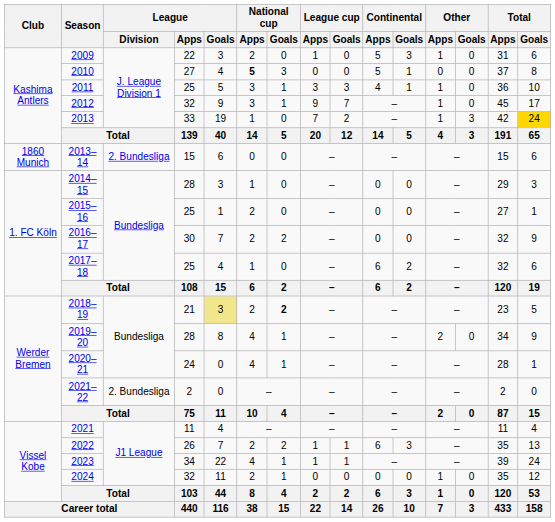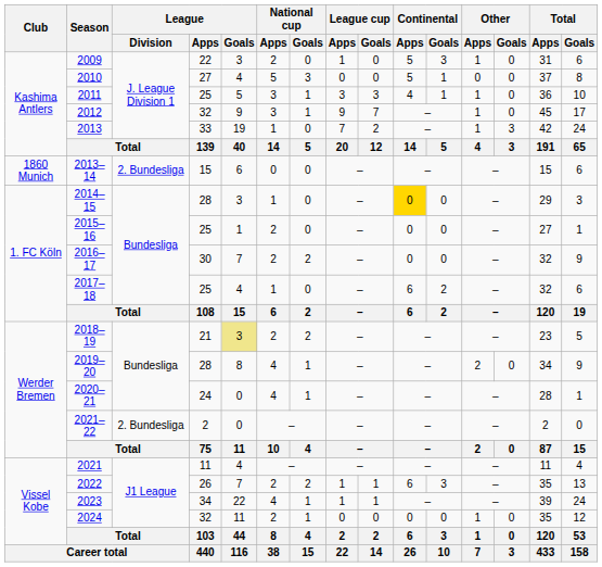 <table class="wikitable" style="text-align:center">
 <tr>
 <th rowspan="2">Club</th>
 <th rowspan="2">Season</th>
 <th colspan="3">League</th>
 <th colspan="2">National cup</th>
 <th colspan="2">League cup</th>
 <th colspan="2">Continental</th>
 <th colspan="2">Other</th>
 <th colspan="2">Total</th>
 </tr>
 <tr>
 <th>Division</th>
 <th>Apps</th>
 <th>Goals</th>
 <th>Apps</th>
 <th>Goals</th>
 <th>Apps</th>
 <th>Goals</th>
 <th>Apps</th>
 <th>Goals</th>
 <th>Apps</th>
 <th>Goals</th>
 <th>Apps</th>
 <th>Goals</th>
 </tr>
 <tr>
 <td rowspan="6"><a href='#'>Kashima Antlers</a></td>
 <td><a href='#'>2009</a></td>
 <td rowspan="5"><a href='#'>J. League Division 1</a></td>
 <td>22</td>
 <td>3</td>
 <td>2</td>
 <td>0</td>
 <td>1</td>
 <td>0</td>
 <td>5</td>
 <td>3</td>
 <td>1</td>
 <td>0</td>
 <td>31</td>
 <td>6</td>
 </tr>
 <tr>
 <td><a href='#'>2010</a></td>
 <td>27</td>
 <td>4</td>
-<td><strong>5</strong></td>
+<td>5</td>
 <td>3</td>
 <td>0</td>
 <td>0</td>
 <td>5</td>
 <td>1</td>
 <td>0</td>
 <td>0</td>
 <td>37</td>
 <td>8</td>
 </tr>
 <tr>
 <td><a href='#'>2011</a></td>
 <td>25</td>
 <td>5</td>
 <td>3</td>
 <td>1</td>
 <td>3</td>
 <td>3</td>
 <td>4</td>
 <td>1</td>
 <td>1</td>
 <td>0</td>
 <td>36</td>
 <td>10</td>
 </tr>
 <tr>
 <td><a href='#'>2012</a></td>
 <td>32</td>
 <td>9</td>
 <td>3</td>
 <td>1</td>
 <td>9</td>
 <td>7</td>
 <td colspan="2">–</td>
 <td>1</td>
 <td>0</td>
 <td>45</td>
 <td>17</td>
 </tr>
 <tr>
 <td><a href='#'>2013</a></td>
 <td>33</td>
 <td>19</td>
 <td>1</td>
 <td>0</td>
 <td>7</td>
 <td>2</td>
 <td colspan="2">–</td>
 <td>1</td>
 <td>3</td>
 <td>42</td>
-<td style="background: gold;">24</td>
+<td>24</td>
 </tr>
 <tr>
 <th colspan="2">Total</th>
 <th>139</th>
 <th>40</th>
 <th>14</th>
 <th>5</th>
 <th>20</th>
 <th>12</th>
 <th>14</th>
 <th>5</th>
 <th>4</th>
 <th>3</th>
 <th>191</th>
 <th>65</th>
 </tr>
 <tr>
 <td><a href='#'>1860 Munich</a></td>
 <td><a href='#'>2013–14</a></td>
 <td><a href='#'>2. Bundesliga</a></td>
 <td>15</td>
 <td>6</td>
 <td>0</td>
 <td>0</td>
 <td colspan="2">–</td>
 <td colspan="2">–</td>
 <td colspan="2">–</td>
 <td>15</td>
 <td>6</td>
 </tr>
 <tr>
 <td rowspan="5"><a href='#'>1. FC Köln</a></td>
 <td><a href='#'>2014–15</a></td>
 <td rowspan="4"><a href='#'>Bundesliga</a></td>
 <td>28</td>
 <td>3</td>
 <td>1</td>
 <td>0</td>
 <td colspan="2">–</td>
-<td>0</td>
+<td style="background: gold;">0</td>
 <td>0</td>
 <td colspan="2">–</td>
 <td>29</td>
 <td>3</td>
 </tr>
 <tr>
 <td><a href='#'>2015–16</a></td>
 <td>25</td>
 <td>1</td>
 <td>2</td>
 <td>0</td>
 <td colspan="2">–</td>
 <td>0</td>
 <td>0</td>
 <td colspan="2">–</td>
 <td>27</td>
 <td>1</td>
 </tr>
 <tr>
 <td><a href='#'>2016–17</a></td>
 <td>30</td>
 <td>7</td>
 <td>2</td>
 <td>2</td>
 <td colspan="2">–</td>
 <td>0</td>
 <td>0</td>
 <td colspan="2">–</td>
 <td>32</td>
 <td>9</td>
 </tr>
 <tr>
 <td><a href='#'>2017–18</a></td>
 <td>25</td>
 <td>4</td>
 <td>1</td>
 <td>0</td>
 <td colspan="2">–</td>
 <td>6</td>
 <td>2</td>
 <td colspan="2">–</td>
 <td>32</td>
 <td>6</td>
 </tr>
 <tr>
 <th colspan="2">Total</th>
 <th>108</th>
 <th>15</th>
 <th>6</th>
 <th>2</th>
 <th colspan="2">–</th>
 <th>6</th>
 <th>2</th>
 <th colspan="2">–</th>
 <th>120</th>
 <th>19</th>
 </tr>
 <tr>
 <td rowspan="5"><a href='#'>Werder Bremen</a></td>
 <td><a href='#'>2018–19</a></td>
 <td rowspan="3">Bundesliga</td>
 <td>21</td>
 <td style="background: khaki;">3</td>
 <td>2</td>
-<td><strong>2</strong></td>
+<td>2</td>
 <td colspan="2">–</td>
 <td colspan="2">–</td>
 <td colspan="2">–</td>
 <td>23</td>
 <td>5</td>
 </tr>
 <tr>
 <td><a href='#'>2019–20</a></td>
 <td>28</td>
 <td>8</td>
 <td>4</td>
 <td>1</td>
 <td colspan="2">–</td>
 <td colspan="2">–</td>
 <td>2</td>
 <td>0</td>
 <td>34</td>
 <td>9</td>
 </tr>
 <tr>
 <td><a href='#'>2020–21</a></td>
 <td>24</td>
 <td>0</td>
 <td>4</td>
 <td>1</td>
 <td colspan="2">–</td>
 <td colspan="2">–</td>
 <td colspan="2">–</td>
 <td>28</td>
 <td>1</td>
 </tr>
 <tr>
 <td><a href='#'>2021–22</a></td>
 <td>2. Bundesliga</td>
 <td>2</td>
 <td>0</td>
 <td colspan="2">–</td>
 <td colspan="2">–</td>
 <td colspan="2">–</td>
 <td colspan="2">–</td>
 <td>2</td>
 <td>0</td>
 </tr>
 <tr>
 <th colspan="2">Total</th>
 <th>75</th>
 <th>11</th>
 <th>10</th>
 <th>4</th>
 <th colspan="2">–</th>
 <th colspan="2">–</th>
 <th>2</th>
 <th>0</th>
 <th>87</th>
 <th>15</th>
 </tr>
 <tr>
 <td rowspan="5"><a href='#'>Vissel Kobe</a></td>
 <td><a href='#'>2021</a></td>
 <td rowspan="4"><a href='#'>J1 League</a></td>
 <td>11</td>
 <td>4</td>
 <td colspan="2">–</td>
 <td colspan="2">–</td>
 <td colspan="2">–</td>
 <td colspan="2">–</td>
 <td>11</td>
 <td>4</td>
 </tr>
 <tr>
 <td><a href='#'>2022</a></td>
 <td>26</td>
 <td>7</td>
 <td>2</td>
 <td>2</td>
 <td>1</td>
 <td>1</td>
 <td>6</td>
 <td>3</td>
 <td colspan="2">–</td>
 <td>35</td>
 <td>13</td>
 </tr>
 <tr>
 <td><a href='#'>2023</a></td>
 <td>34</td>
 <td>22</td>
 <td>4</td>
 <td>1</td>
 <td>1</td>
 <td>1</td>
 <td colspan="2">–</td>
 <td colspan="2">–</td>
 <td>39</td>
 <td>24</td>
 </tr>
 <tr>
 <td><a href='#'>2024</a></td>
 <td>32</td>
 <td>11</td>
 <td>2</td>
 <td>1</td>
 <td>0</td>
 <td>0</td>
 <td>0</td>
 <td>0</td>
 <td>1</td>
 <td>0</td>
 <td>35</td>
 <td>12</td>
 </tr>
 <tr>
 <th colspan="2">Total</th>
 <th>103</th>
 <th>44</th>
 <th>8</th>
 <th>4</th>
 <th>2</th>
 <th>2</th>
 <th>6</th>
 <th>3</th>
 <th>1</th>
 <th>0</th>
 <th>120</th>
 <th>53</th>
 </tr>
 <tr>
 <th colspan="3">Career total</th>
 <th>440</th>
 <th>116</th>
 <th>38</th>
 <th>15</th>
 <th>22</th>
 <th>14</th>
 <th>26</th>
 <th>10</th>
 <th>7</th>
 <th>3</th>
 <th>433</th>
 <th>158</th>
 </tr>
 </table>
